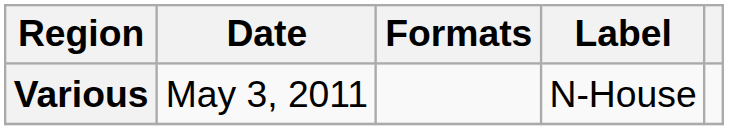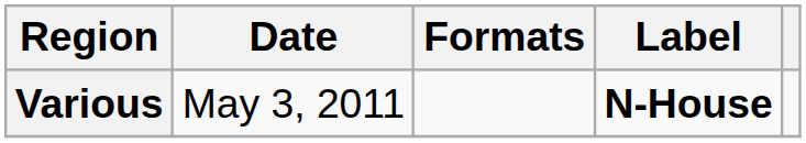 <table class="wikitable plainrowheaders">
 <tr>
 <th scope="col">Region</th>
 <th scope="col">Date</th>
 <th scope="col">Formats</th>
 <th scope="col">Label</th>
 <th scope="col"></th>
 </tr>
 <tr>
 <th scope="row">Various</th>
 <td rowspan="1">May 3, 2011</td>
 <td rowspan="1"></td>
-<td rowspan="1">N-House</td>
+<td rowspan="1"><strong>N-House</strong></td>
 <td style="text-align:center;" rowspan="1"></td>
 </tr>
 <tr>
 </tr>
 </table>
